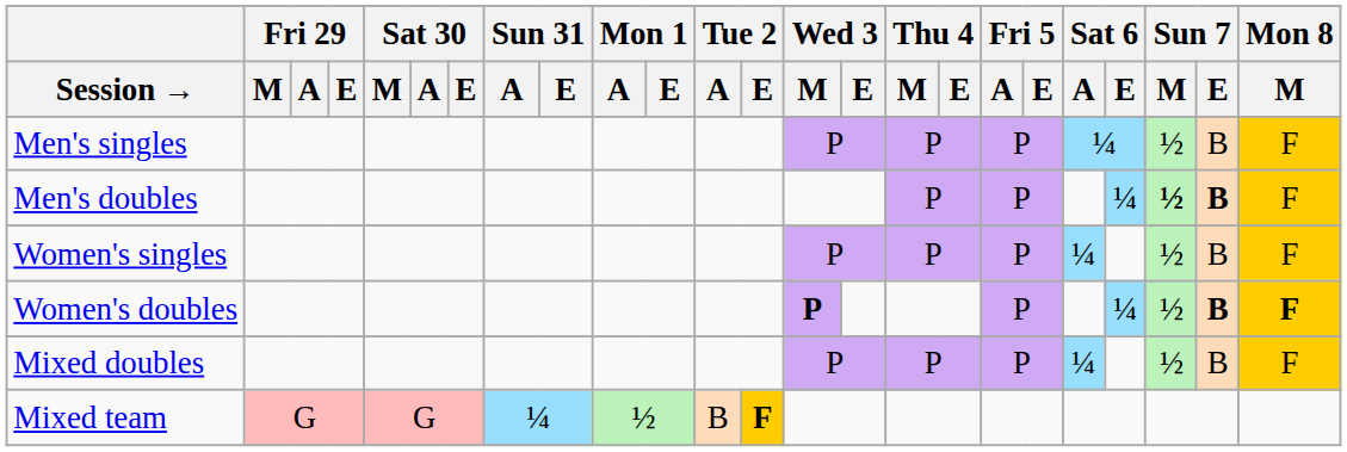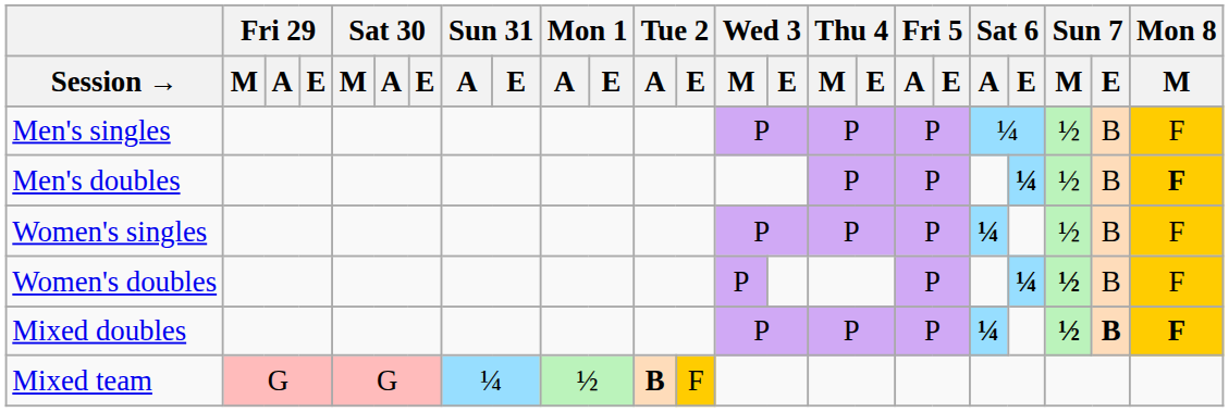 <table class="wikitable" style="margin:0.5em auto; font-size:90%; line-height:1.25em; text-align:center;">
 <tr>
 <th></th>
 <th colspan=3>Fri 29</th>
 <th colspan=3>Sat 30</th>
 <th colspan=2>Sun 31</th>
 <th colspan=2>Mon 1</th>
 <th colspan=2>Tue 2</th>
 <th colspan=2>Wed 3</th>
 <th colspan=2>Thu 4</th>
 <th colspan=2>Fri 5</th>
 <th colspan=2>Sat 6</th>
 <th colspan=2>Sun 7</th>
 <th>Mon 8</th>
 </tr>
 <tr>
 <th>Session →</th>
 <th>M</th>
 <th>A</th>
 <th>E</th>
 <th>M</th>
 <th>A</th>
 <th>E</th>
 <th>A</th>
 <th>E</th>
 <th>A</th>
 <th>E</th>
 <th>A</th>
 <th>E</th>
 <th>M</th>
 <th>E</th>
 <th>M</th>
 <th>E</th>
 <th>A</th>
 <th>E</th>
 <th>A</th>
 <th>E</th>
 <th>M</th>
 <th>E</th>
 <th>M</th>
 </tr>
 <tr>
 <td style="text-align:left;"><a href='#'>Men's singles</a></td>
 <td colspan=3></td>
 <td colspan=3></td>
 <td colspan=2></td>
 <td colspan=2></td>
 <td colspan=2></td>
 <td colspan="2" style="background-color:#D0A9F5">P</td>
 <td colspan="2" style="background-color:#D0A9F5">P</td>
 <td colspan="2" style="background-color:#D0A9F5">P</td>
 <td colspan="2" style="background-color:#97DEFF">¼</td>
 <td style="background-color:#BBF3BB;">½</td>
 <td style="background-color:#FEDCBA;">B</td>
 <td style="background-color:#FFCC00;">F</td>
 </tr>
 <tr>
 <td style="text-align:left;"><a href='#'>Men's doubles</a></td>
 <td colspan=3></td>
 <td colspan=3></td>
 <td colspan=2></td>
 <td colspan=2></td>
 <td colspan=2></td>
 <td colspan=2></td>
 <td colspan="2" style="background-color:#D0A9F5">P</td>
 <td colspan="2" style="background-color:#D0A9F5">P</td>
 <td></td>
-<td style="background-color:#97DEFF">¼</td>
-<td style="background-color:#BBF3BB;"><strong>½</strong></td>
-<td style="background-color:#FEDCBA;"><strong>B</strong></td>
-<td style="background-color:#FFCC00;">F</td>
+<td style="background-color:#97DEFF"><strong>¼</strong></td>
+<td style="background-color:#BBF3BB;">½</td>
+<td style="background-color:#FEDCBA;">B</td>
+<td style="background-color:#FFCC00;"><strong>F</strong></td>
 </tr>
 <tr>
 <td style="text-align:left;"><a href='#'>Women's singles</a></td>
 <td colspan=3></td>
 <td colspan=3></td>
 <td colspan=2></td>
 <td colspan=2></td>
 <td colspan=2></td>
 <td colspan="2" style="background-color:#D0A9F5">P</td>
 <td colspan="2" style="background-color:#D0A9F5">P</td>
 <td colspan="2" style="background-color:#D0A9F5">P</td>
-<td style="background-color:#97DEFF">¼</td>
+<td style="background-color:#97DEFF"><strong>¼</strong></td>
 <td></td>
 <td style="background-color:#BBF3BB;">½</td>
 <td style="background-color:#FEDCBA;">B</td>
 <td style="background-color:#FFCC00;">F</td>
 </tr>
 <tr>
 <td style="text-align:left;"><a href='#'>Women's doubles</a></td>
 <td colspan=3></td>
 <td colspan=3></td>
 <td colspan=2></td>
 <td colspan=2></td>
 <td colspan=2></td>
-<td style="background-color:#D0A9F5"><strong>P</strong></td>
+<td style="background-color:#D0A9F5">P</td>
 <td></td>
 <td colspan="2"></td>
 <td colspan="2" style="background-color:#D0A9F5">P</td>
 <td></td>
-<td style="background-color:#97DEFF">¼</td>
-<td style="background-color:#BBF3BB;">½</td>
-<td style="background-color:#FEDCBA;"><strong>B</strong></td>
-<td style="background-color:#FFCC00;"><strong>F</strong></td>
+<td style="background-color:#97DEFF"><strong>¼</strong></td>
+<td style="background-color:#BBF3BB;"><strong>½</strong></td>
+<td style="background-color:#FEDCBA;">B</td>
+<td style="background-color:#FFCC00;">F</td>
 </tr>
 <tr>
 <td style="text-align:left;"><a href='#'>Mixed doubles</a></td>
 <td colspan=3></td>
 <td colspan=3></td>
 <td colspan=2></td>
 <td colspan=2></td>
 <td colspan=2></td>
 <td colspan="2" style="background-color:#D0A9F5">P</td>
 <td colspan="2" style="background-color:#D0A9F5">P</td>
 <td colspan="2" style="background-color:#D0A9F5">P</td>
-<td style="background-color:#97DEFF">¼</td>
+<td style="background-color:#97DEFF"><strong>¼</strong></td>
 <td></td>
-<td style="background-color:#BBF3BB;">½</td>
-<td style="background-color:#FEDCBA;">B</td>
-<td style="background-color:#FFCC00;">F</td>
+<td style="background-color:#BBF3BB;"><strong>½</strong></td>
+<td style="background-color:#FEDCBA;"><strong>B</strong></td>
+<td style="background-color:#FFCC00;"><strong>F</strong></td>
 </tr>
 <tr>
 <td style="text-align:left;"><a href='#'>Mixed team</a></td>
 <td colspan="3" style="background-color:#FFBBBB">G</td>
 <td colspan="3" style="background-color:#FFBBBB">G</td>
 <td colspan="2" style="background-color:#97DEFF;">¼</td>
 <td colspan="2" style="background-color:#BBF3BB;">½</td>
-<td style="background-color:#FEDCBA;">B</td>
-<td style="background-color:#FFCC00;"><strong>F</strong></td>
+<td style="background-color:#FEDCBA;"><strong>B</strong></td>
+<td style="background-color:#FFCC00;">F</td>
 <td colspan=2></td>
 <td colspan=2></td>
 <td colspan=2></td>
 <td colspan=2></td>
 <td colspan=2></td>
 <td></td>
 </tr>
 </table>
